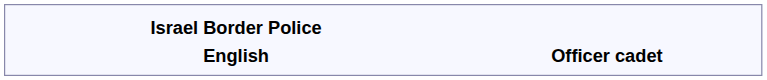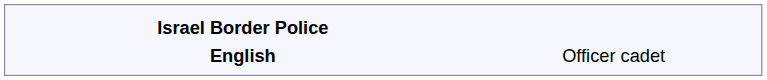 <table style="border:1px solid #8888aa; background-color:#f7f8ff; padding:5px; font-size:95%; margin: 0px 12px 12px 0px; width: 50%">
 <tr style="text-align:center;">
 <th rowspan=2> Israel Border Police</th>
 <td></td>
 </tr>
 <tr style="text-align:center;">
 <td><br></td>
 </tr>
 <tr style="text-align:center;">
 <th>English</th>
-<td><strong>Officer cadet</strong></td>
+<td>Officer cadet</td>
 </tr>
 </table>
